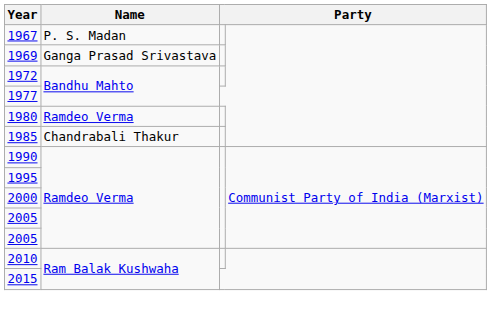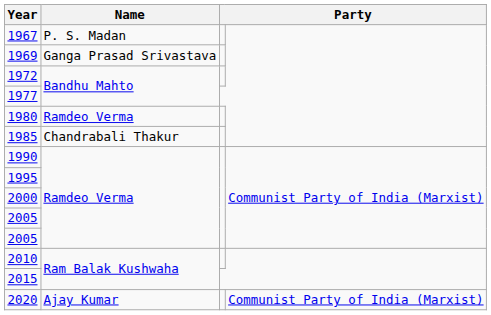 <table class="wikitable sortable">
 <tr>
 <th>Year</th>
 <th>Name</th>
 <th colspan="2">Party</th>
 </tr>
 <tr>
 <td><a href='#'>1967</a></td>
 <td>P. S. Madan</td>
 <td></td>
 </tr>
 <tr>
 <td><a href='#'>1969</a></td>
 <td>Ganga Prasad Srivastava</td>
 <td></td>
 </tr>
 <tr>
 <td><a href='#'>1972</a></td>
 <td rowspan="2"><a href='#'>Bandhu Mahto</a></td>
 <td></td>
 </tr>
 <tr>
 <td><a href='#'>1977</a></td>
 </tr>
 <tr>
 <td><a href='#'>1980</a></td>
 <td><a href='#'>Ramdeo Verma</a></td>
 <td></td>
 </tr>
 <tr>
 <td><a href='#'>1985</a></td>
 <td>Chandrabali Thakur</td>
 <td></td>
 </tr>
 <tr>
 <td><a href='#'>1990</a></td>
 <td rowspan="5"><a href='#'>Ramdeo Verma</a></td>
 <td rowspan="5" style="background-color :"></td>
 <td rowspan="5"><a href='#'>Communist Party of India (Marxist)</a></td>
 </tr>
 <tr>
 <td><a href='#'>1995</a></td>
 </tr>
 <tr>
 <td><a href='#'>2000</a></td>
 </tr>
 <tr>
 <td><a href='#'>2005</a></td>
 </tr>
 <tr>
 <td><a href='#'>2005</a></td>
 </tr>
 <tr>
 <td><a href='#'>2010</a></td>
 <td rowspan="2"><a href='#'>Ram Balak Kushwaha</a></td>
 <td></td>
 </tr>
 <tr>
 <td><a href='#'>2015</a></td>
 </tr>
+<tr>
+<td><a href='#'>2020</a></td>
+<td><a href='#'>Ajay Kumar</a></td>
+<td style="background-color :"></td>
+<td><a href='#'>Communist Party of India (Marxist)</a></td>
+</tr>
 </table>
